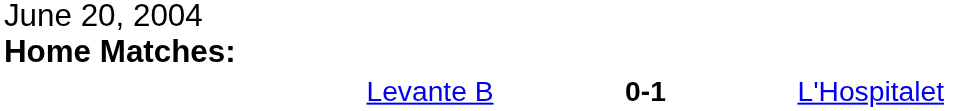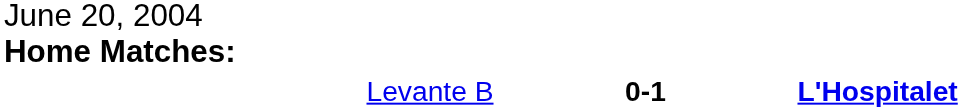 <table width=100% cellspacing=1>
 <tr>
 <th width=20%></th>
 <th width=12%></th>
 <th width=20%></th>
 <th></th>
 </tr>
 <tr>
 <td>June 20, 2004<br><strong>Home Matches:</strong></td>
 </tr>
 <tr style=font-size:90%>
 <td align=right><a href='#'>Levante B</a></td>
 <td align=center><strong>0-1</strong></td>
-<td><a href='#'>L'Hospitalet</a></td>
+<td><strong><a href='#'>L'Hospitalet</a></strong></td>
 </tr>
 </table>
